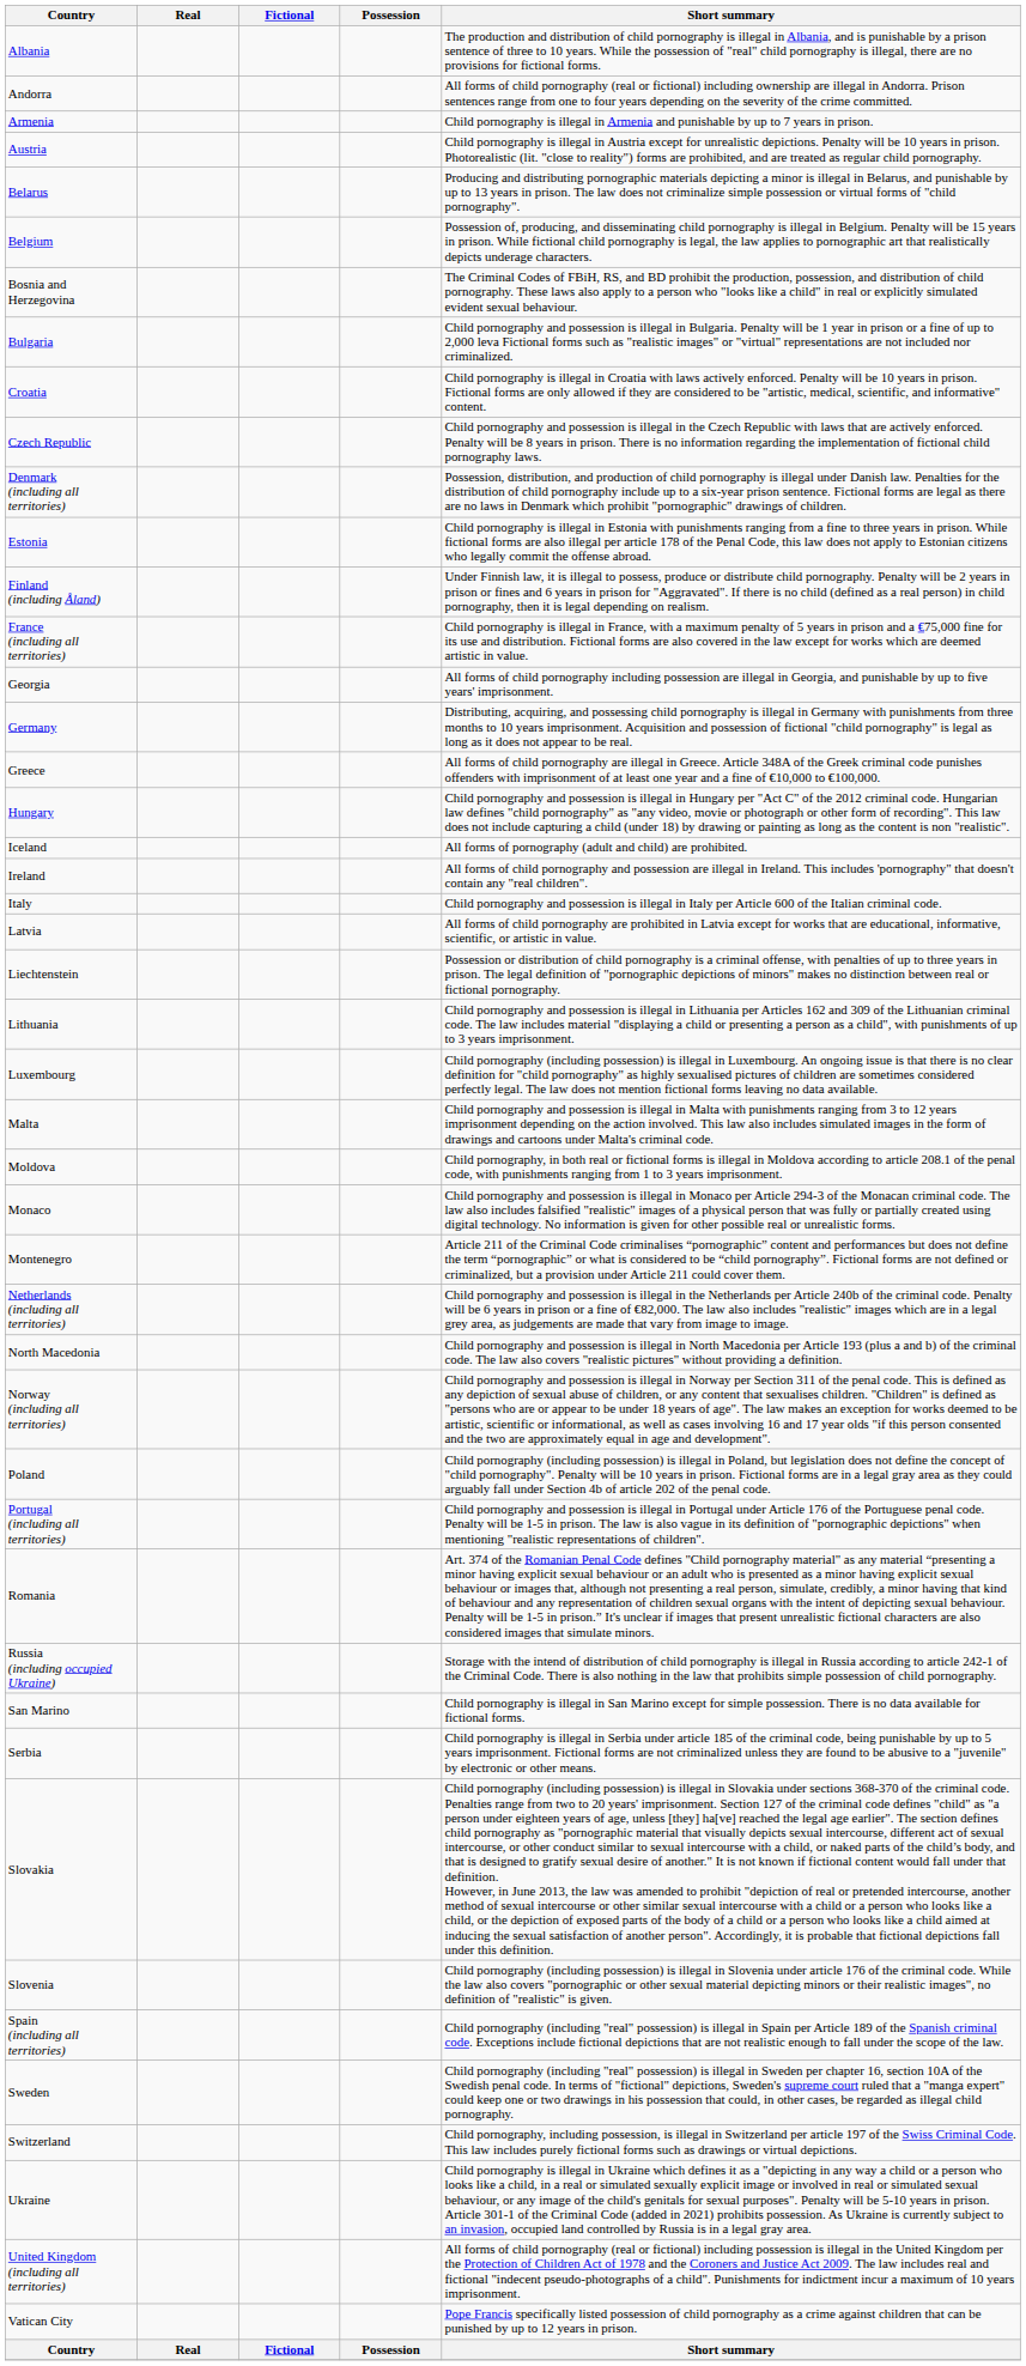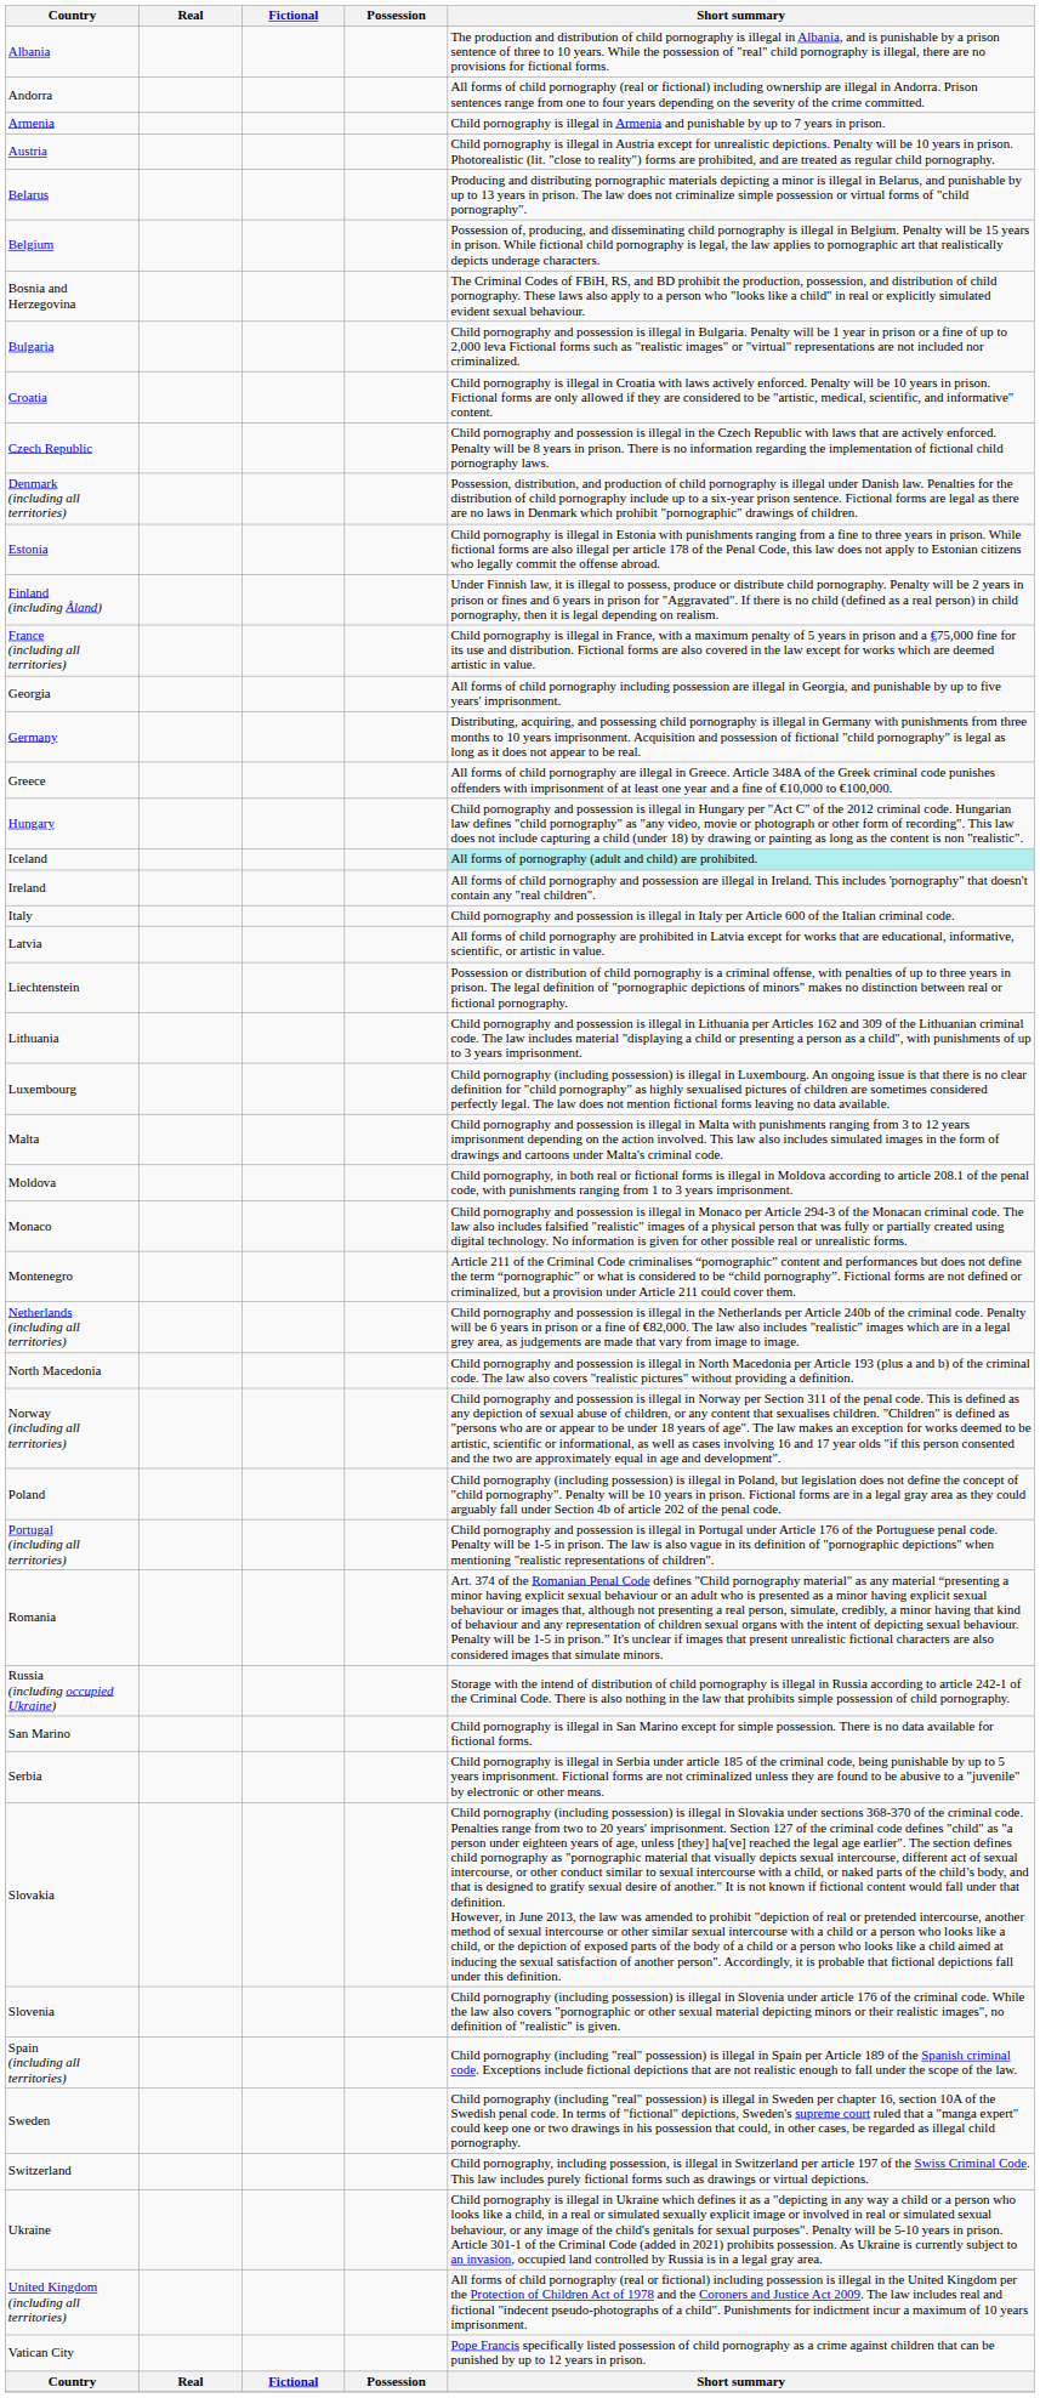 <table class="wikitable sortable">
 <tr>
 <th style="width: 13%">Country</th>
 <th style="width: 10%">Real</th>
 <th style="width: 10%"><a href='#'>Fictional</a></th>
 <th style="width: 10%">Possession</th>
 <th style="width: 57%" class="unsortable">Short summary</th>
 </tr>
 <tr>
 <td><a href='#'>Albania</a></td>
 <td></td>
 <td></td>
 <td></td>
 <td>The production and distribution of child pornography is illegal in <a href='#'>Albania</a>, and is punishable by a prison sentence of three to 10 years. While the possession of "real" child pornography is illegal, there are no provisions for fictional forms. </td>
 </tr>
 <tr>
 <td>Andorra</td>
 <td></td>
 <td></td>
 <td></td>
 <td>All forms of child pornography (real or fictional) including ownership are illegal in Andorra. Prison sentences range from one to four years depending on the severity of the crime committed.</td>
 </tr>
 <tr>
 <td><a href='#'>Armenia</a></td>
 <td></td>
 <td></td>
 <td></td>
 <td>Child pornography is illegal in <a href='#'>Armenia</a> and punishable by up to 7 years in prison.</td>
 </tr>
 <tr>
 <td><a href='#'>Austria</a></td>
 <td></td>
 <td></td>
 <td></td>
 <td>Child pornography is illegal in Austria except for unrealistic depictions. Penalty will be 10 years in prison. Photorealistic (lit. "close to reality") forms are prohibited, and are treated as regular child pornography.</td>
 </tr>
 <tr>
 <td><a href='#'>Belarus</a></td>
 <td></td>
 <td></td>
 <td></td>
 <td>Producing and distributing pornographic materials depicting a minor is illegal in Belarus, and punishable by up to 13 years in prison. The law does not criminalize simple possession or virtual forms of "child pornography".</td>
 </tr>
 <tr>
 <td><a href='#'>Belgium</a></td>
 <td></td>
 <td></td>
 <td></td>
 <td>Possession of, producing, and disseminating child pornography is illegal in Belgium. Penalty will be 15 years in prison. While fictional child pornography is legal, the law applies to pornographic art that realistically depicts underage characters.</td>
 </tr>
 <tr>
 <td>Bosnia and Herzegovina</td>
 <td></td>
 <td></td>
 <td></td>
 <td>The Criminal Codes of FBiH, RS, and BD prohibit the production, possession, and distribution of child pornography. These laws also apply to a person who "looks like a child" in real or explicitly simulated evident sexual behaviour.</td>
 </tr>
 <tr>
 <td><a href='#'>Bulgaria</a></td>
 <td></td>
 <td></td>
 <td></td>
 <td>Child pornography and possession is illegal in Bulgaria. Penalty will be 1 year in prison or a fine of up to 2,000 leva Fictional forms such as "realistic images" or "virtual" representations are not included nor criminalized.</td>
 </tr>
 <tr>
 <td><a href='#'>Croatia</a></td>
 <td></td>
 <td></td>
 <td></td>
 <td>Child pornography is illegal in Croatia with laws actively enforced. Penalty will be 10 years in prison. Fictional forms are only allowed if they are considered to be "artistic, medical, scientific, and informative" content.</td>
 </tr>
 <tr>
 <td><a href='#'>Czech Republic</a></td>
 <td></td>
 <td></td>
 <td></td>
 <td>Child pornography and possession is illegal in the Czech Republic with laws that are actively enforced. Penalty will be 8 years in prison. There is no information regarding the implementation of fictional child pornography laws.</td>
 </tr>
 <tr>
 <td><a href='#'>Denmark</a> <br><em>(including all territories)</em></td>
 <td></td>
 <td></td>
 <td></td>
 <td>Possession, distribution, and production of child pornography is illegal under Danish law. Penalties for the distribution of child pornography include up to a six-year prison sentence. Fictional forms are legal as there are no laws in Denmark which prohibit "pornographic" drawings of children.</td>
 </tr>
 <tr>
 <td><a href='#'>Estonia</a></td>
 <td></td>
 <td></td>
 <td></td>
 <td>Child pornography is illegal in Estonia with punishments ranging from a fine to three years in prison. While fictional forms are also illegal per article 178 of the Penal Code, this law does not apply to Estonian citizens who legally commit the offense abroad.</td>
 </tr>
 <tr>
 <td><a href='#'>Finland</a><br><em>(including <a href='#'>Åland</a>)</em></td>
 <td></td>
 <td></td>
 <td></td>
 <td>Under Finnish law, it is illegal to possess, produce or distribute child pornography. Penalty will be 2 years in prison or fines and 6 years in prison for "Aggravated". If there is no child (defined as a real person) in child pornography, then it is legal depending on realism.</td>
 </tr>
 <tr>
 <td><a href='#'>France</a> <br><em>(including all territories)</em></td>
 <td></td>
 <td></td>
 <td></td>
 <td>Child pornography is illegal in France, with a maximum penalty of 5 years in prison and a <a href='#'>€</a>75,000 fine for its use and distribution. Fictional forms are also covered in the law except for works which are deemed artistic in value.</td>
 </tr>
 <tr>
 <td>Georgia</td>
 <td></td>
 <td></td>
 <td></td>
 <td>All forms of child pornography including possession are illegal in Georgia, and punishable by up to five years' imprisonment.</td>
 </tr>
 <tr>
 <td><a href='#'>Germany</a></td>
 <td></td>
 <td></td>
 <td></td>
 <td>Distributing, acquiring, and possessing child pornography is illegal in Germany with punishments from three months to 10 years imprisonment. Acquisition and possession of fictional "child pornography" is legal as long as it does not appear to be real.</td>
 </tr>
 <tr>
 <td>Greece</td>
 <td></td>
 <td></td>
 <td></td>
 <td>All forms of child pornography are illegal in Greece. Article 348A of the Greek criminal code punishes offenders with imprisonment of at least one year and a fine of €10,000 to €100,000.</td>
 </tr>
 <tr>
 <td><a href='#'>Hungary</a></td>
 <td></td>
 <td></td>
 <td></td>
 <td>Child pornography and possession is illegal in Hungary per "Act C" of the 2012 criminal code. Hungarian law defines "child pornography" as "any video, movie or photograph or other form of recording". This law does not include capturing a child (under 18) by drawing or painting as long as the content is non "realistic".</td>
 </tr>
 <tr>
 <td>Iceland</td>
 <td></td>
 <td></td>
 <td></td>
-<td>All forms of pornography (adult and child) are prohibited.</td>
+<td style="background: paleturquoise;">All forms of pornography (adult and child) are prohibited.</td>
 </tr>
 <tr>
 <td>Ireland</td>
 <td></td>
 <td></td>
 <td></td>
 <td>All forms of child pornography and possession are illegal in Ireland. This includes 'pornography" that doesn't contain any "real children".</td>
 </tr>
 <tr>
 <td>Italy</td>
 <td></td>
 <td></td>
 <td></td>
 <td>Child pornography and possession is illegal in Italy per Article 600 of the Italian criminal code.</td>
 </tr>
 <tr>
 <td>Latvia</td>
 <td></td>
 <td></td>
 <td></td>
 <td>All forms of child pornography are prohibited in Latvia except for works that are educational, informative, scientific, or artistic in value.</td>
 </tr>
 <tr>
 <td>Liechtenstein</td>
 <td></td>
 <td></td>
 <td></td>
 <td>Possession or distribution of child pornography is a criminal offense, with penalties of up to three years in prison. The legal definition of "pornographic depictions of minors" makes no distinction between real or fictional pornography.</td>
 </tr>
 <tr>
 <td>Lithuania</td>
 <td></td>
 <td></td>
 <td></td>
 <td>Child pornography and possession is illegal in Lithuania per Articles 162 and 309 of the Lithuanian criminal code. The law includes material "displaying a child or presenting a person as a child", with punishments of up to 3 years imprisonment.</td>
 </tr>
 <tr>
 <td>Luxembourg</td>
 <td></td>
 <td></td>
 <td></td>
 <td>Child pornography (including possession) is illegal in Luxembourg. An ongoing issue is that there is no clear definition for "child pornography" as highly sexualised pictures of children are sometimes considered perfectly legal. The law does not mention fictional forms leaving no data available.</td>
 </tr>
 <tr>
 <td>Malta</td>
 <td></td>
 <td></td>
 <td></td>
 <td>Child pornography and possession is illegal in Malta with punishments ranging from 3 to 12 years imprisonment depending on the action involved. This law also includes simulated images in the form of drawings and cartoons under Malta's criminal code.</td>
 </tr>
 <tr>
 <td>Moldova</td>
 <td></td>
 <td></td>
 <td></td>
 <td>Child pornography, in both real or fictional forms is illegal in Moldova according to article 208.1 of the penal code, with punishments ranging from 1 to 3 years imprisonment.</td>
 </tr>
 <tr>
 <td>Monaco</td>
 <td></td>
 <td></td>
 <td></td>
 <td>Child pornography and possession is illegal in Monaco per Article 294-3 of the Monacan criminal code. The law also includes falsified "realistic" images of a physical person that was fully or partially created using digital technology. No information is given for other possible real or unrealistic forms.</td>
 </tr>
 <tr>
 <td>Montenegro</td>
 <td></td>
 <td></td>
 <td></td>
 <td>Article 211 of the Criminal Code criminalises “pornographic” content and performances but does not define the term “pornographic” or what is considered to be “child pornography”. Fictional forms are not defined or criminalized, but a provision under Article 211 could cover them. </td>
 </tr>
 <tr>
 <td><a href='#'>Netherlands</a><br> <em>(including all territories)</em></td>
 <td></td>
 <td></td>
 <td></td>
 <td>Child pornography and possession is illegal in the Netherlands per Article 240b of the criminal code. Penalty will be 6 years in prison or a fine of €82,000. The law also includes "realistic" images which are in a legal grey area, as judgements are made that vary from image to image.</td>
 </tr>
 <tr>
 <td>North Macedonia</td>
 <td></td>
 <td></td>
 <td></td>
 <td>Child pornography and possession is illegal in North Macedonia per Article 193 (plus a and b) of the criminal code. The law also covers "realistic pictures" without providing a definition.</td>
 </tr>
 <tr>
 <td>Norway <br><em>(including all territories)</em></td>
 <td></td>
 <td></td>
 <td></td>
 <td>Child pornography and possession is illegal in Norway per Section 311 of the penal code. This is defined as any depiction of sexual abuse of children, or any content that sexualises children. "Children" is defined as "persons who are or appear to be under 18 years of age". The law makes an exception for works deemed to be artistic, scientific or informational, as well as cases involving 16 and 17 year olds "if this person consented and the two are approximately equal in age and development".</td>
 </tr>
 <tr>
 <td>Poland</td>
 <td></td>
 <td></td>
 <td></td>
 <td>Child pornography (including possession) is illegal in Poland, but legislation does not define the concept of "child pornography". Penalty will be 10 years in prison.  Fictional forms are in a legal gray area as they could arguably fall under Section 4b of article 202 of the penal code.</td>
 </tr>
 <tr>
 <td><a href='#'>Portugal</a><br><em>(including all territories)</em></td>
 <td></td>
 <td></td>
 <td></td>
 <td>Child pornography and possession is illegal in Portugal under Article 176 of the Portuguese penal code. Penalty will be 1-5 in prison.  The law is also vague in its definition of "pornographic depictions" when mentioning "realistic representations of children".</td>
 </tr>
 <tr>
 <td>Romania</td>
 <td></td>
 <td></td>
 <td></td>
 <td>Art. 374 of the <a href='#'>Romanian Penal Code</a> defines "Child pornography material" as any material “presenting a minor having explicit sexual behaviour or an adult who is presented as a minor having explicit sexual behaviour or images that, although not presenting a real person, simulate, credibly, a minor having that kind of behaviour and any representation of children sexual organs with the intent of depicting sexual behaviour. Penalty will be 1-5 in prison.” It's unclear if images that present unrealistic fictional characters are also considered images that simulate minors.</td>
 </tr>
 <tr>
 <td>Russia <br><em>(including <a href='#'>occupied Ukraine</a>)</em></td>
 <td></td>
 <td></td>
 <td></td>
 <td>Storage with the intend of distribution of child pornography is illegal in Russia according to article 242-1 of the Criminal Code. There is also nothing in the law that prohibits simple possession of child pornography.</td>
 </tr>
 <tr>
 <td>San Marino</td>
 <td></td>
 <td></td>
 <td></td>
 <td>Child pornography is illegal in San Marino except for simple possession. There is no data available for fictional forms.</td>
 </tr>
 <tr>
 <td>Serbia</td>
 <td></td>
 <td></td>
 <td></td>
 <td>Child pornography is illegal in Serbia under article 185 of the criminal code, being punishable by up to 5 years imprisonment. Fictional forms are not criminalized unless they are found to be abusive to a "juvenile" by electronic or other means.</td>
 </tr>
 <tr>
 <td>Slovakia</td>
 <td></td>
 <td></td>
 <td></td>
 <td>Child pornography (including possession) is illegal in Slovakia under sections 368-370 of the criminal code. Penalties range from two to 20 years' imprisonment. Section 127 of the criminal code defines "child" as "a person under eighteen years of age, unless [they] ha[ve] reached the legal age earlier". The section defines child pornography as "pornographic material that visually depicts sexual intercourse, different act of sexual intercourse, or other conduct similar to sexual intercourse with a child, or naked parts of the child’s body, and that is designed to gratify sexual desire of another." It is not known if fictional content would fall under that definition.<br>However, in June 2013, the law was amended to prohibit "depiction of real or pretended intercourse, another method of sexual intercourse or other similar sexual intercourse with a child or a person who looks like a child, or the depiction of exposed parts of the body of a child or a person who looks like a child aimed at inducing the sexual satisfaction of another person". Accordingly, it is probable that fictional depictions fall under this definition.</td>
 </tr>
 <tr>
 <td>Slovenia</td>
 <td></td>
 <td></td>
 <td></td>
 <td>Child pornography (including possession) is illegal in Slovenia under article 176 of the criminal code. While the law also covers "pornographic or other sexual material depicting minors or their realistic images", no definition of "realistic" is given.</td>
 </tr>
 <tr>
 <td>Spain<br><em>(including all territories)</em></td>
 <td></td>
 <td></td>
 <td></td>
 <td>Child pornography (including "real" possession) is illegal in Spain per Article 189 of the <a href='#'>Spanish criminal code</a>. Exceptions include fictional depictions that are not realistic enough to fall under the scope of the law.</td>
 </tr>
 <tr>
 <td>Sweden</td>
 <td></td>
 <td></td>
 <td></td>
 <td>Child pornography (including "real" possession) is illegal in Sweden per chapter 16, section 10A of the Swedish penal code. In terms of "fictional" depictions, Sweden's <a href='#'>supreme court</a> ruled that a "manga expert" could keep one or two drawings in his possession that could, in other cases, be regarded as illegal child pornography.</td>
 </tr>
 <tr>
 <td>Switzerland</td>
 <td></td>
 <td></td>
 <td></td>
 <td>Child pornography, including possession, is illegal in Switzerland per article 197 of the <a href='#'>Swiss Criminal Code</a>. This law includes purely fictional forms such as drawings or virtual depictions.</td>
 </tr>
 <tr>
 <td>Ukraine</td>
 <td></td>
 <td></td>
 <td></td>
 <td>Child pornography is illegal in Ukraine which defines it as a "depicting in any way a child or a person who looks like a child, in a real or simulated sexually explicit image or involved in real or simulated sexual behaviour, or any image of the child's genitals for sexual purposes". Penalty will be 5-10 years in prison. Article 301-1 of the Criminal Code (added in 2021) prohibits possession. As Ukraine is currently subject to <a href='#'>an invasion</a>, occupied land controlled by Russia is in a legal gray area.</td>
 </tr>
 <tr>
 <td><a href='#'>United Kingdom</a> <em>(including all territories)</em></td>
 <td></td>
 <td></td>
 <td></td>
 <td>All forms of child pornography (real or fictional) including possession is illegal in the United Kingdom per the <a href='#'>Protection of Children Act of 1978</a> and the <a href='#'>Coroners and Justice Act 2009</a>. The law includes real and fictional "indecent pseudo-photographs of a child". Punishments for indictment incur a maximum of 10 years imprisonment.</td>
 </tr>
 <tr>
 <td>Vatican City</td>
 <td></td>
 <td></td>
 <td></td>
 <td><a href='#'>Pope Francis</a> specifically listed possession of child pornography as a crime against children that can be punished by up to 12 years in prison.</td>
 </tr>
 <tr>
 <th style="width: 13%">Country</th>
 <th style="width: 10%">Real</th>
 <th style="width: 10%"><a href='#'>Fictional</a></th>
 <th style="width: 10%">Possession</th>
 <th style="width: 57%" class="unsortable">Short summary</th>
 </tr>
 <tr>
 </tr>
 </table>
